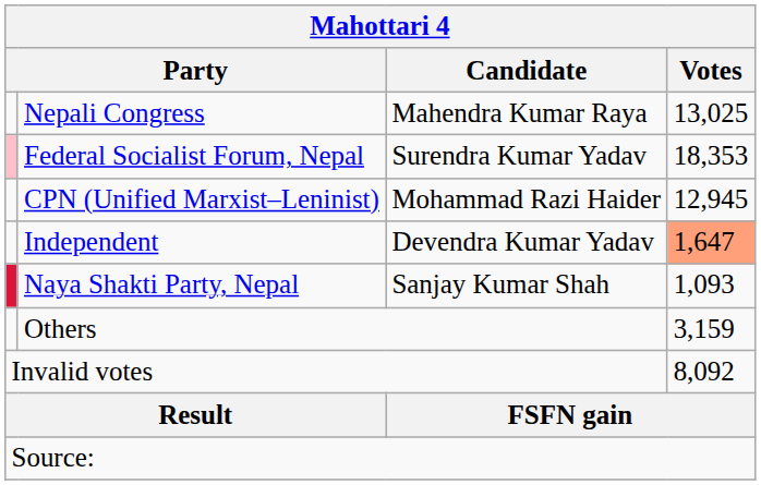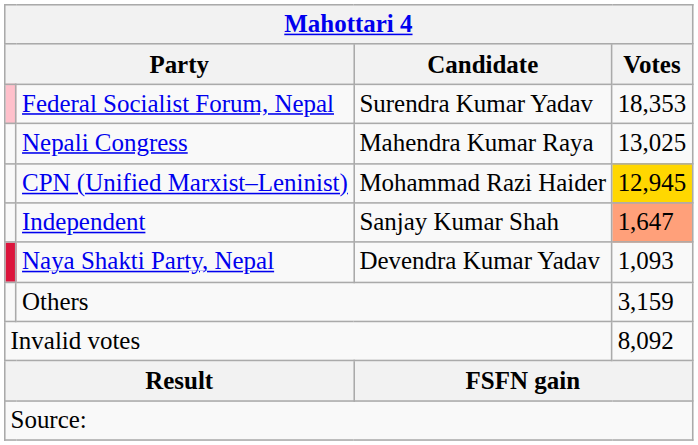 <table class="wikitable">
 <tr>
 <th colspan="4"><a href='#'>Mahottari 4</a></th>
 </tr>
 <tr>
 <th colspan="2">Party</th>
 <th>Candidate</th>
 <th>Votes</th>
 </tr>
 <tr>
-<td style="background-color:"></td>
-<td><a href='#'>Nepali Congress</a></td>
-<td>Mahendra Kumar Raya</td>
-<td>13,025</td>
-</tr>
-<tr>
 <td style="background-color:pink"></td>
 <td><a href='#'>Federal Socialist Forum, Nepal</a></td>
 <td>Surendra Kumar Yadav</td>
 <td>18,353</td>
 </tr>
 <tr>
 <td style="background-color:"></td>
+<td><a href='#'>Nepali Congress</a></td>
+<td>Mahendra Kumar Raya</td>
+<td>13,025</td>
+</tr>
+<tr>
+<td style="background-color:"></td>
 <td><a href='#'>CPN (Unified Marxist–Leninist)</a></td>
 <td>Mohammad Razi Haider</td>
-<td>12,945</td>
+<td style="background: gold;">12,945</td>
 </tr>
 <tr>
 <td style="background-color:"></td>
 <td><a href='#'>Independent</a></td>
-<td>Devendra Kumar Yadav</td>
+<td>Sanjay Kumar Shah</td>
 <td style="background: lightsalmon;">1,647</td>
 </tr>
 <tr>
 <td style="background-color:crimson"></td>
 <td><a href='#'>Naya Shakti Party, Nepal</a></td>
-<td>Sanjay Kumar Shah</td>
+<td>Devendra Kumar Yadav</td>
 <td>1,093</td>
 </tr>
 <tr>
 <td></td>
 <td colspan="2">Others</td>
 <td>3,159</td>
 </tr>
 <tr>
 <td colspan="3">Invalid votes</td>
 <td>8,092</td>
 </tr>
 <tr>
 <th colspan="2">Result</th>
 <th colspan="2">FSFN gain</th>
 </tr>
 <tr>
 <td colspan="4">Source: </td>
 </tr>
 </table>
